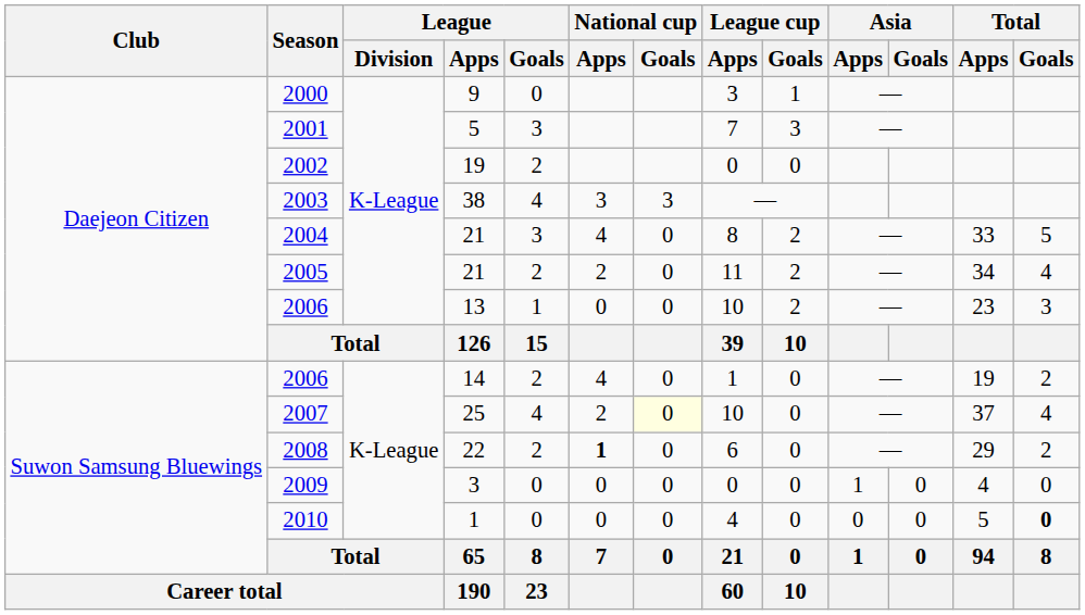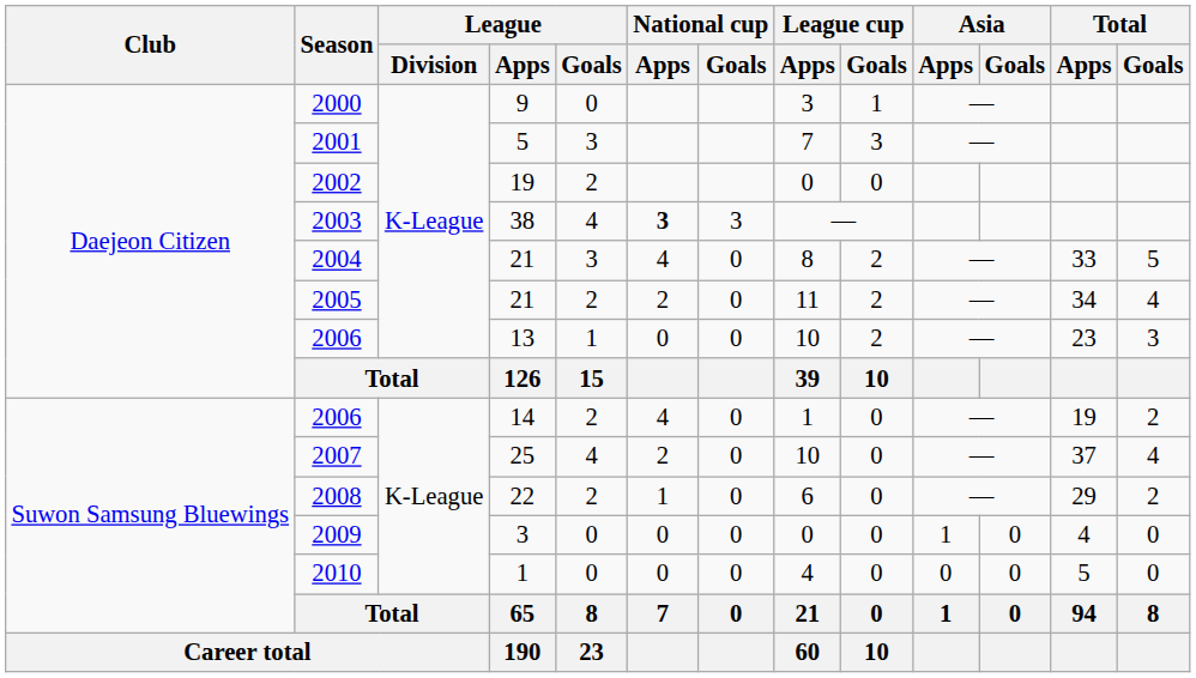 <table class="wikitable" style="text-align:center">
 <tr>
 <th rowspan="2">Club</th>
 <th rowspan="2">Season</th>
 <th colspan="3">League</th>
 <th colspan="2">National cup</th>
 <th colspan="2">League cup</th>
 <th colspan="2">Asia</th>
 <th colspan="2">Total</th>
 </tr>
 <tr>
 <th>Division</th>
 <th>Apps</th>
 <th>Goals</th>
 <th>Apps</th>
 <th>Goals</th>
 <th>Apps</th>
 <th>Goals</th>
 <th>Apps</th>
 <th>Goals</th>
 <th>Apps</th>
 <th>Goals</th>
 </tr>
 <tr>
 <td rowspan="8"><a href='#'>Daejeon Citizen</a></td>
 <td><a href='#'>2000</a></td>
 <td rowspan="7"><a href='#'>K-League</a></td>
 <td>9</td>
 <td>0</td>
 <td></td>
 <td></td>
 <td>3</td>
 <td>1</td>
 <td colspan="2">—</td>
 <td></td>
 <td></td>
 </tr>
 <tr>
 <td><a href='#'>2001</a></td>
 <td>5</td>
 <td>3</td>
 <td></td>
 <td></td>
 <td>7</td>
 <td>3</td>
 <td colspan="2">—</td>
 <td></td>
 <td></td>
 </tr>
 <tr>
 <td><a href='#'>2002</a></td>
 <td>19</td>
 <td>2</td>
 <td></td>
 <td></td>
 <td>0</td>
 <td>0</td>
 <td></td>
 <td></td>
 <td></td>
 <td></td>
 </tr>
 <tr>
 <td><a href='#'>2003</a></td>
 <td>38</td>
 <td>4</td>
-<td>3</td>
+<td><strong>3</strong></td>
 <td>3</td>
 <td colspan="2">—</td>
 <td></td>
 <td></td>
 <td></td>
 <td></td>
 </tr>
 <tr>
 <td><a href='#'>2004</a></td>
 <td>21</td>
 <td>3</td>
 <td>4</td>
 <td>0</td>
 <td>8</td>
 <td>2</td>
 <td colspan="2">—</td>
 <td>33</td>
 <td>5</td>
 </tr>
 <tr>
 <td><a href='#'>2005</a></td>
 <td>21</td>
 <td>2</td>
 <td>2</td>
 <td>0</td>
 <td>11</td>
 <td>2</td>
 <td colspan="2">—</td>
 <td>34</td>
 <td>4</td>
 </tr>
 <tr>
 <td><a href='#'>2006</a></td>
 <td>13</td>
 <td>1</td>
 <td>0</td>
 <td>0</td>
 <td>10</td>
 <td>2</td>
 <td colspan="2">—</td>
 <td>23</td>
 <td>3</td>
 </tr>
 <tr>
 <th colspan="2">Total</th>
 <th>126</th>
 <th>15</th>
 <th></th>
 <th></th>
 <th>39</th>
 <th>10</th>
 <th></th>
 <th></th>
 <th></th>
 <th></th>
 </tr>
 <tr>
 <td rowspan="6"><a href='#'>Suwon Samsung Bluewings</a></td>
 <td><a href='#'>2006</a></td>
 <td rowspan="5">K-League</td>
 <td>14</td>
 <td>2</td>
 <td>4</td>
 <td>0</td>
 <td>1</td>
 <td>0</td>
 <td colspan="2">—</td>
 <td>19</td>
 <td>2</td>
 </tr>
 <tr>
 <td><a href='#'>2007</a></td>
 <td>25</td>
 <td>4</td>
 <td>2</td>
-<td style="background: lightyellow;">0</td>
+<td>0</td>
 <td>10</td>
 <td>0</td>
 <td colspan="2">—</td>
 <td>37</td>
 <td>4</td>
 </tr>
 <tr>
 <td><a href='#'>2008</a></td>
 <td>22</td>
 <td>2</td>
-<td><strong>1</strong></td>
+<td>1</td>
 <td>0</td>
 <td>6</td>
 <td>0</td>
 <td colspan="2">—</td>
 <td>29</td>
 <td>2</td>
 </tr>
 <tr>
 <td><a href='#'>2009</a></td>
 <td>3</td>
 <td>0</td>
 <td>0</td>
 <td>0</td>
 <td>0</td>
 <td>0</td>
 <td>1</td>
 <td>0</td>
 <td>4</td>
 <td>0</td>
 </tr>
 <tr>
 <td><a href='#'>2010</a></td>
 <td>1</td>
 <td>0</td>
 <td>0</td>
 <td>0</td>
 <td>4</td>
 <td>0</td>
 <td>0</td>
 <td>0</td>
 <td>5</td>
-<td><strong>0</strong></td>
+<td>0</td>
 </tr>
 <tr>
 <th colspan="2">Total</th>
 <th>65</th>
 <th>8</th>
 <th>7</th>
 <th>0</th>
 <th>21</th>
 <th>0</th>
 <th>1</th>
 <th>0</th>
 <th>94</th>
 <th>8</th>
 </tr>
 <tr>
 <th colspan="3">Career total</th>
 <th>190</th>
 <th>23</th>
 <th></th>
 <th></th>
 <th>60</th>
 <th>10</th>
 <th></th>
 <th></th>
 <th></th>
 <th></th>
 </tr>
 </table>
